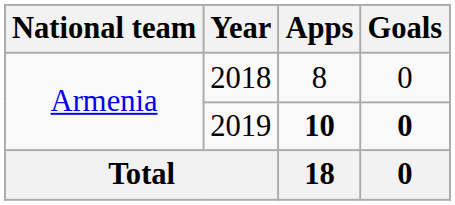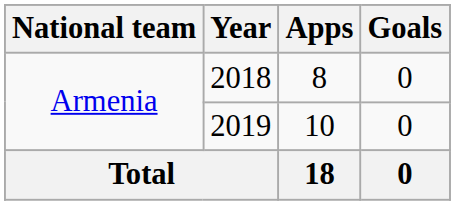 <table class="wikitable" style="text-align:center">
 <tr>
 <th>National team</th>
 <th>Year</th>
 <th>Apps</th>
 <th>Goals</th>
 </tr>
 <tr>
 <td rowspan="2"><a href='#'>Armenia</a></td>
 <td>2018</td>
 <td>8</td>
 <td>0</td>
 </tr>
 <tr>
 <td>2019</td>
-<td><strong>10</strong></td>
-<td><strong>0</strong></td>
+<td>10</td>
+<td>0</td>
 </tr>
 <tr>
 <th colspan="2">Total</th>
 <th>18</th>
 <th>0</th>
 </tr>
 </table>
